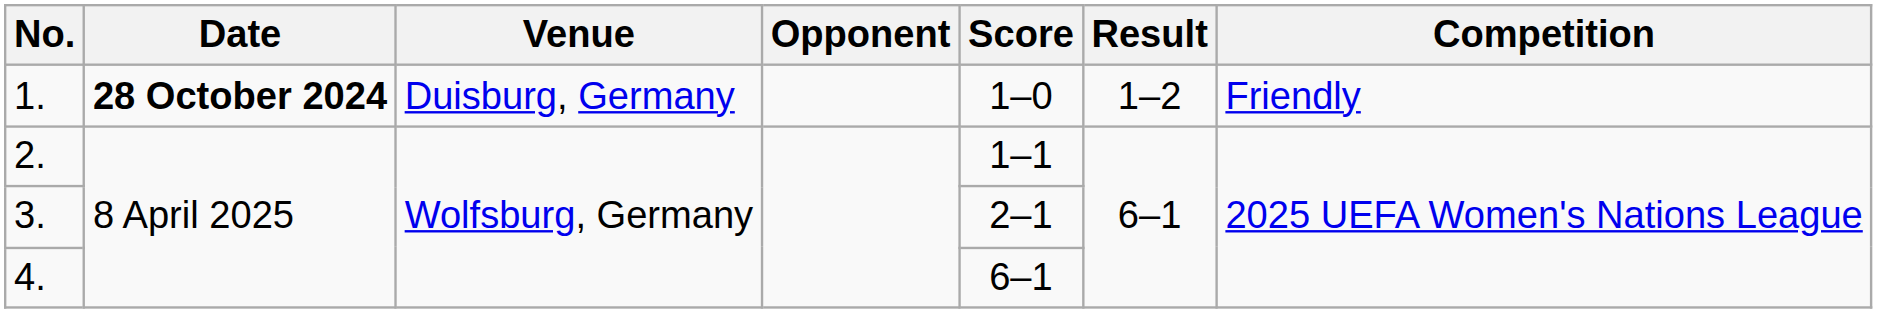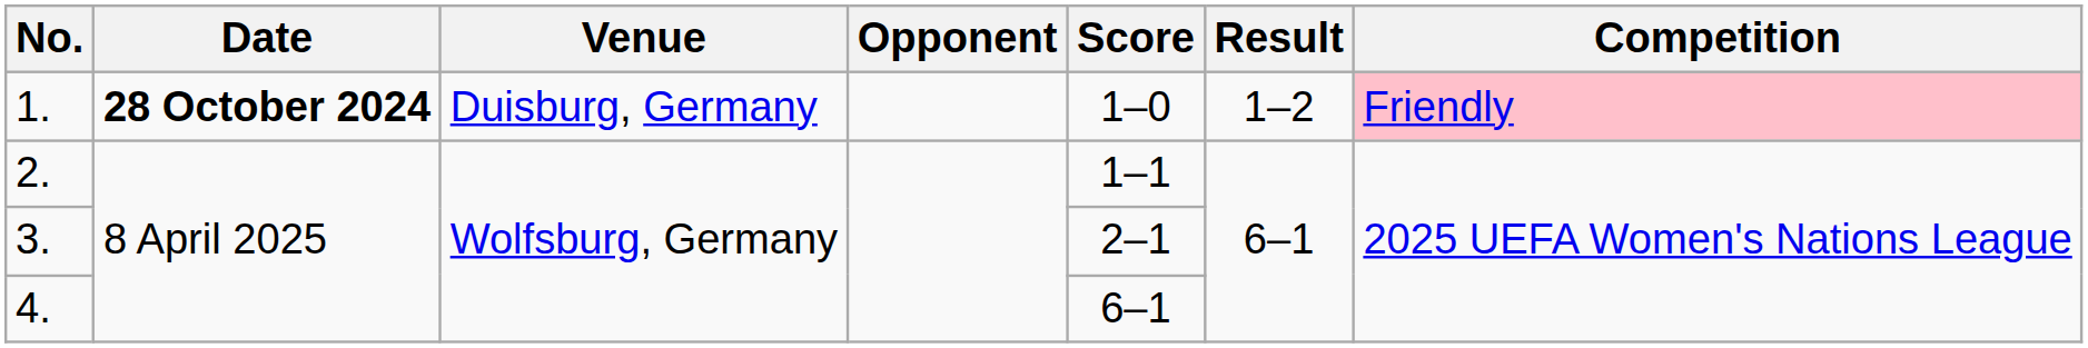 <table class="wikitable">
 <tr>
 <th>No.</th>
 <th>Date</th>
 <th>Venue</th>
 <th>Opponent</th>
 <th>Score</th>
 <th>Result</th>
 <th>Competition</th>
 </tr>
 <tr>
 <td>1.</td>
 <td><strong>28 October 2024</strong></td>
 <td><a href='#'>Duisburg</a>, <a href='#'>Germany</a></td>
 <td></td>
 <td align=center>1–0</td>
 <td align=center>1–2</td>
-<td><a href='#'>Friendly</a></td>
+<td style="background: pink;"><a href='#'>Friendly</a></td>
 </tr>
 <tr>
 <td>2.</td>
 <td rowspan=3>8 April 2025</td>
 <td rowspan=3><a href='#'>Wolfsburg</a>, Germany</td>
 <td rowspan=3></td>
 <td align=center>1–1</td>
 <td rowspan=3 align=center>6–1</td>
 <td rowspan=3><a href='#'>2025 UEFA Women's Nations League</a></td>
 </tr>
 <tr>
 <td>3.</td>
 <td align=center>2–1</td>
 </tr>
 <tr>
 <td>4.</td>
 <td align=center>6–1</td>
 </tr>
 </table>
